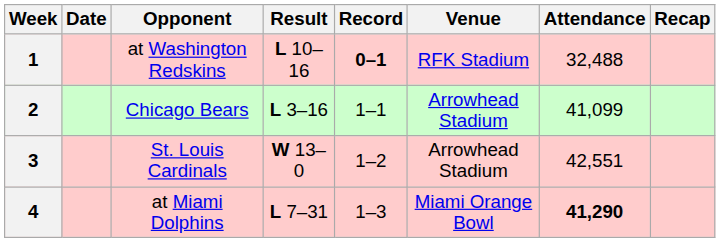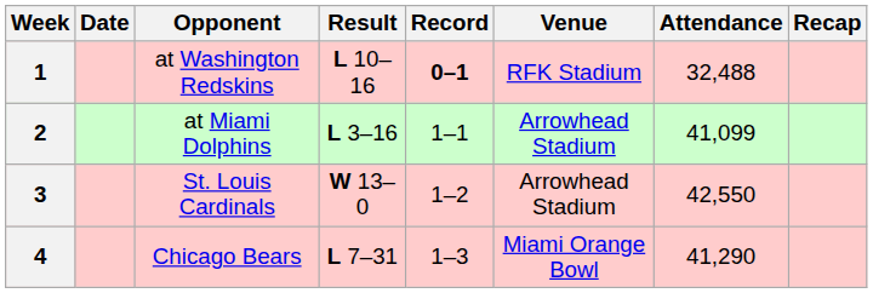 <table class="wikitable" style="text-align:center">
 <tr>
 <th>Week</th>
 <th>Date</th>
 <th>Opponent</th>
 <th>Result</th>
 <th>Record</th>
 <th>Venue</th>
 <th>Attendance</th>
 <th>Recap</th>
 </tr>
 <tr style="background:#fcc">
 <th>1</th>
 <td></td>
 <td>at <a href='#'>Washington Redskins</a></td>
 <td><strong>L</strong> 10–16</td>
 <td><strong>0–1</strong></td>
 <td><a href='#'>RFK Stadium</a></td>
 <td>32,488</td>
 <td></td>
 </tr>
 <tr style="background:#cfc">
 <th>2</th>
 <td></td>
-<td><a href='#'>Chicago Bears</a></td>
+<td>at <a href='#'>Miami Dolphins</a></td>
 <td><strong>L</strong> 3–16</td>
 <td>1–1</td>
 <td><a href='#'>Arrowhead Stadium</a></td>
 <td>41,099</td>
 <td></td>
 </tr>
 <tr style="background:#fcc">
 <th>3</th>
 <td></td>
 <td><a href='#'>St. Louis Cardinals</a></td>
 <td><strong>W</strong> 13–0</td>
 <td>1–2</td>
 <td>Arrowhead Stadium</td>
-<td>42,551</td>
+<td>42,550</td>
 <td></td>
 </tr>
 <tr style="background:#fcc">
 <th>4</th>
 <td></td>
-<td>at <a href='#'>Miami Dolphins</a></td>
+<td><a href='#'>Chicago Bears</a></td>
 <td><strong>L</strong> 7–31</td>
 <td>1–3</td>
 <td><a href='#'>Miami Orange Bowl</a></td>
-<td><strong>41,290</strong></td>
+<td>41,290</td>
 <td></td>
 </tr>
 </table>
